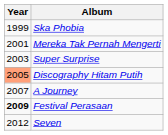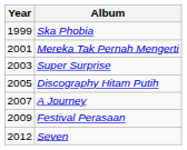 <table class="wikitable">
 <tr>
 <th>Year</th>
 <th>Album</th>
 </tr>
 <tr>
 <td>1999</td>
 <td><em><a href='#'>Ska Phobia</a></em></td>
 </tr>
 <tr>
 <td>2001</td>
 <td><em><a href='#'>Mereka Tak Pernah Mengerti</a></em></td>
 </tr>
 <tr>
 <td>2003</td>
 <td><em><a href='#'>Super Surprise</a></em></td>
 </tr>
 <tr>
-<td style="background: lightsalmon;">2005</td>
+<td>2005</td>
 <td><em><a href='#'>Discography Hitam Putih</a></em></td>
 </tr>
 <tr>
 <td>2007</td>
 <td><em><a href='#'>A Journey</a></em></td>
 </tr>
 <tr>
-<td><strong>2009</strong></td>
+<td>2009</td>
 <td><em><a href='#'>Festival Perasaan</a></em></td>
 </tr>
 <tr>
 <td>2012</td>
 <td><em><a href='#'>Seven</a></em></td>
 </tr>
 </table>
